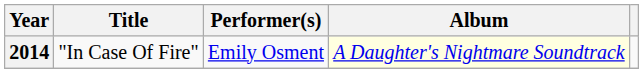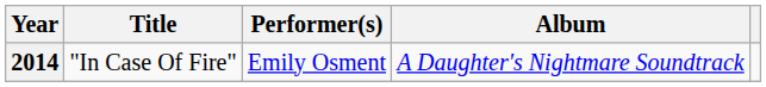 <table class="wikitable plainrowheaders sortable" style="margin-right: 0;">
 <tr>
 <th scope="col">Year</th>
 <th scope="col">Title</th>
 <th scope="col">Performer(s)</th>
 <th scope="col">Album</th>
 <th scope="col" class="unsortable"></th>
 </tr>
 <tr>
 <th scope=row>2014</th>
 <td>"In Case Of Fire"</td>
 <td><a href='#'>Emily Osment</a></td>
-<td style="background: lightyellow;"><em><a href='#'>A Daughter's Nightmare Soundtrack</a></em></td>
+<td><em><a href='#'>A Daughter's Nightmare Soundtrack</a></em></td>
 <td></td>
 </tr>
 <tr>
 </tr>
 </table>
